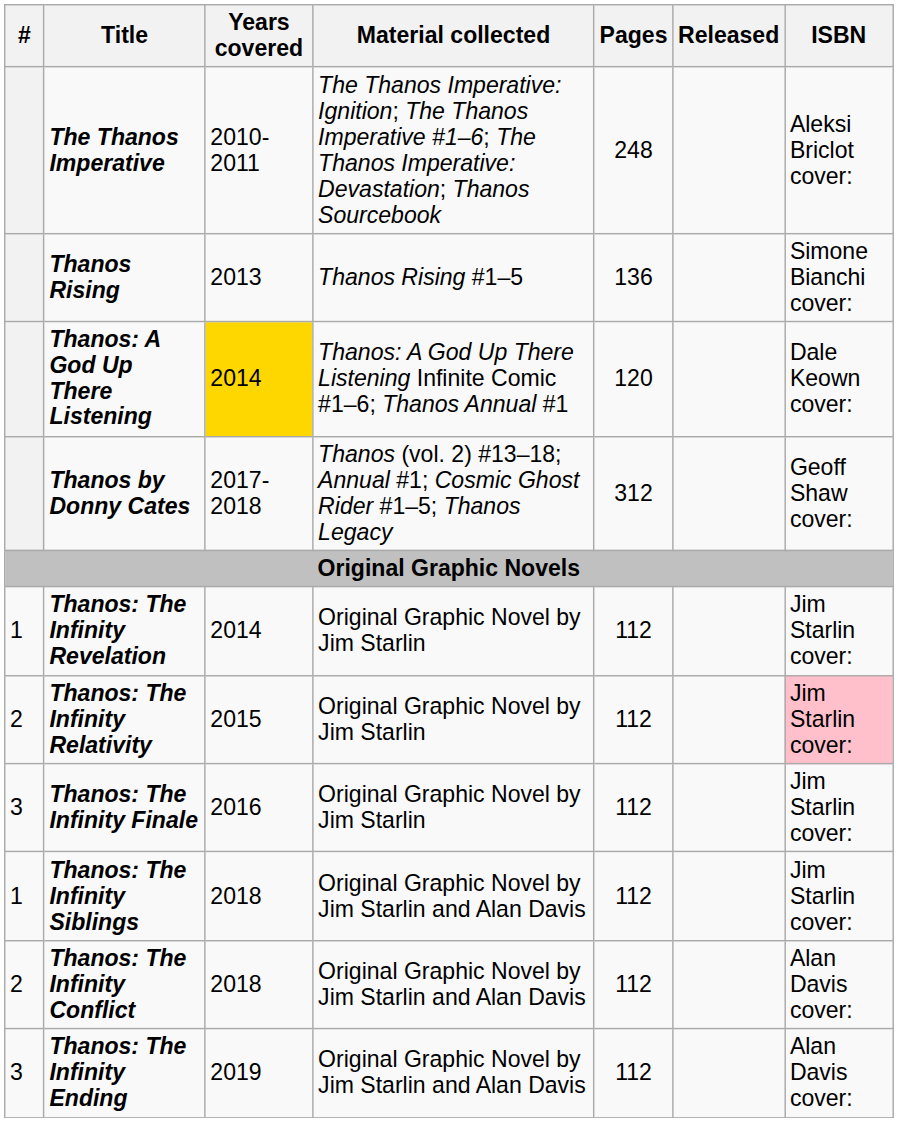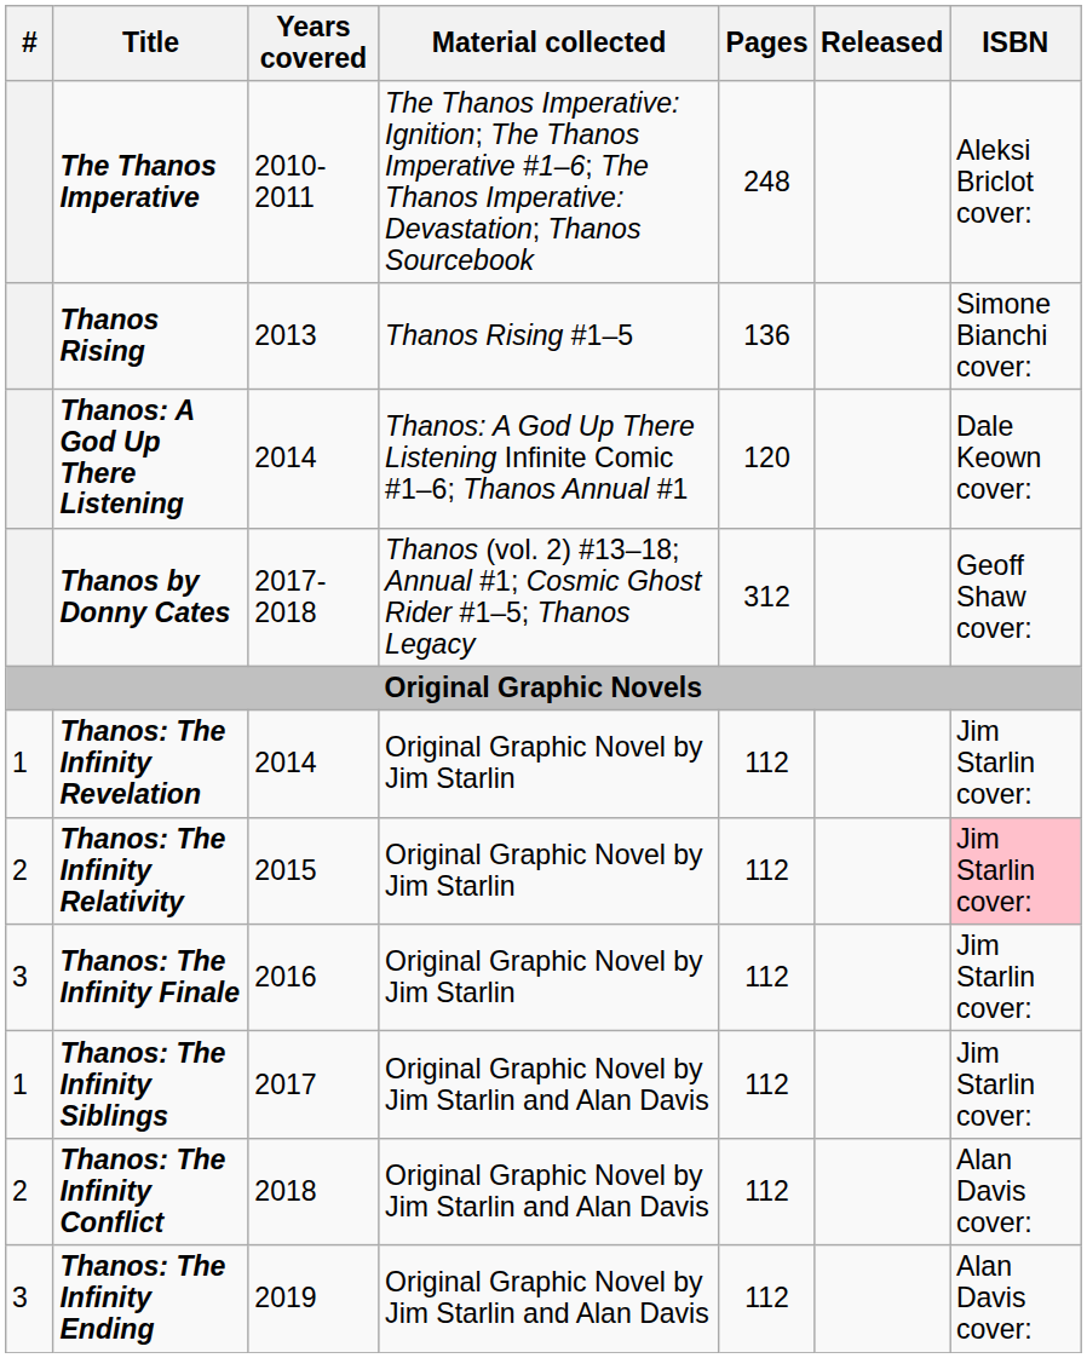 <table class="wikitable sortable" width=99%>
 <tr>
 <th class="unsortable" width=20px>#</th>
 <th>Title</th>
 <th>Years covered</th>
 <th class="unsortable">Material collected</th>
 <th>Pages</th>
 <th>Released</th>
 <th class="unsortable">ISBN</th>
 </tr>
 <tr>
 <th style="background-color: light grey;"></th>
 <td><strong><em>The Thanos Imperative</em></strong></td>
 <td>2010-2011</td>
 <td><em>The Thanos Imperative: Ignition</em>; <em>The Thanos Imperative #1–6</em>; <em>The Thanos Imperative: Devastation</em>; <em>Thanos Sourcebook</em></td>
 <td style="text-align: center;">248</td>
 <td></td>
 <td>Aleksi Briclot cover: </td>
 </tr>
 <tr>
 <th style="background-color: light grey;"></th>
 <td><strong><em>Thanos Rising</em></strong></td>
 <td>2013</td>
 <td><em>Thanos Rising</em> #1–5</td>
 <td style="text-align: center;">136</td>
 <td></td>
 <td>Simone Bianchi cover: </td>
 </tr>
 <tr>
 <th style="background-color: light grey;"></th>
 <td><strong><em>Thanos: A God Up There Listening</em></strong></td>
-<td style="background: gold;">2014</td>
+<td>2014</td>
 <td><em>Thanos: A God Up There Listening</em> Infinite Comic #1–6; <em>Thanos Annual</em> #1</td>
 <td style="text-align: center;">120</td>
 <td></td>
 <td>Dale Keown cover: </td>
 </tr>
 <tr>
 <th style="background-color: light grey;"></th>
 <td><strong><em>Thanos by Donny Cates</em></strong></td>
 <td>2017-2018</td>
 <td><em>Thanos</em> (vol. 2) #13–18; <em>Annual</em> #1; <em>Cosmic Ghost Rider</em> #1–5; <em>Thanos Legacy</em></td>
 <td style="text-align: center;">312</td>
 <td></td>
 <td>Geoff Shaw cover: </td>
 </tr>
 <tr>
 <th colspan=7 style="background-color: silver;">Original Graphic Novels</th>
 </tr>
 <tr>
 <td>1</td>
 <td><strong><em>Thanos: The Infinity Revelation</em></strong></td>
 <td>2014</td>
 <td>Original Graphic Novel by Jim Starlin</td>
 <td style="text-align: center;">112</td>
 <td></td>
 <td>Jim Starlin cover: </td>
 </tr>
 <tr>
 <td>2</td>
 <td><strong><em>Thanos: The Infinity Relativity</em></strong></td>
 <td>2015</td>
 <td>Original Graphic Novel by Jim Starlin</td>
 <td style="text-align: center;">112</td>
 <td></td>
 <td style="background: pink;">Jim Starlin cover: </td>
 </tr>
 <tr>
 <td>3</td>
 <td><strong><em>Thanos: The Infinity Finale</em></strong></td>
 <td>2016</td>
 <td>Original Graphic Novel by Jim Starlin</td>
 <td style="text-align: center;">112</td>
 <td></td>
 <td>Jim Starlin cover: </td>
 </tr>
 <tr>
 <td>1</td>
 <td><strong><em>Thanos: The Infinity Siblings</em></strong></td>
-<td>2018</td>
+<td>2017</td>
 <td>Original Graphic Novel by Jim Starlin and Alan Davis</td>
 <td style="text-align: center;">112</td>
 <td></td>
 <td>Jim Starlin cover: </td>
 </tr>
 <tr>
 <td>2</td>
 <td><strong><em>Thanos: The Infinity Conflict</em></strong></td>
 <td>2018</td>
 <td>Original Graphic Novel by Jim Starlin and Alan Davis</td>
 <td style="text-align: center;">112</td>
 <td></td>
 <td>Alan Davis cover: </td>
 </tr>
 <tr>
 <td>3</td>
 <td><strong><em>Thanos: The Infinity Ending</em></strong></td>
 <td>2019</td>
 <td>Original Graphic Novel by Jim Starlin and Alan Davis</td>
 <td style="text-align: center;">112</td>
 <td></td>
 <td>Alan Davis cover: </td>
 </tr>
 </table>
